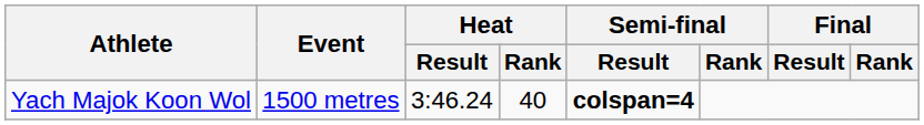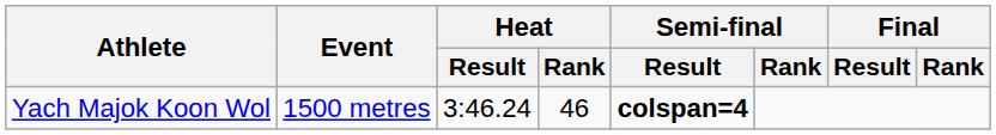 <table class="wikitable" style="font-size:90%">
 <tr>
 <th rowspan="2">Athlete</th>
 <th rowspan="2">Event</th>
 <th colspan="2">Heat</th>
 <th colspan="2">Semi-final</th>
 <th colspan="2">Final</th>
 </tr>
 <tr style="font-size:95%">
 <th>Result</th>
 <th>Rank</th>
 <th>Result</th>
 <th>Rank</th>
 <th>Result</th>
 <th>Rank</th>
 </tr>
 <tr style=text-align:center>
 <td style=text-align:left><a href='#'>Yach Majok Koon Wol</a></td>
 <td style=text-align:left><a href='#'>1500 metres</a></td>
 <td>3:46.24</td>
-<td>40</td>
+<td>46</td>
 <td><strong>colspan=4 </strong></td>
 </tr>
 </table>
